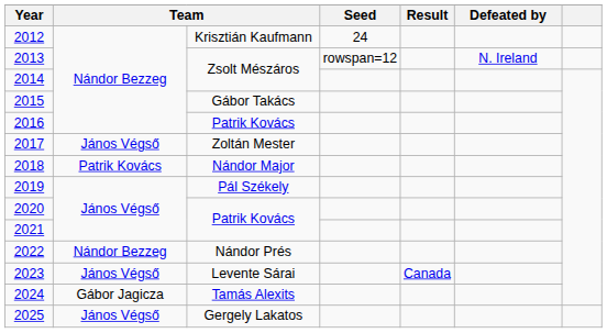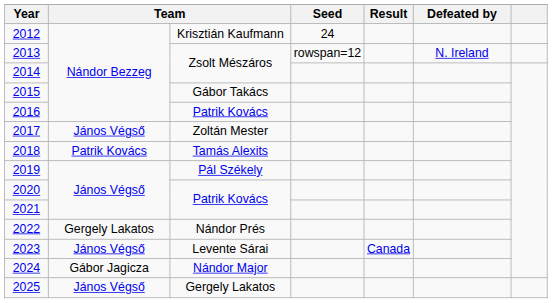 <table class="wikitable" style="text-align: center;">
 <tr style= "background: #e2e2e2;">
 </tr>
 <tr style="background: #efefef;">
 <th width=50px>Year</th>
 <th colspan="2">Team</th>
 <th width=50px>Seed</th>
 <th width=50px>Result</th>
 <th width=120px>Defeated by</th>
 <th width=40px></th>
 </tr>
 <tr>
 <td><a href='#'>2012</a></td>
 <td rowspan=5 width=150px><a href='#'>Nándor Bezzeg</a></td>
 <td width=150px>Krisztián Kaufmann</td>
 <td>24</td>
 <td></td>
 <td> </td>
 <td></td>
 </tr>
 <tr>
 <td><a href='#'>2013</a></td>
 <td rowspan=2>Zsolt Mészáros</td>
 <td>rowspan=12 </td>
 <td></td>
 <td> <a href='#'>N. Ireland</a><br> </td>
 <td></td>
 </tr>
 <tr>
 <td><a href='#'>2014</a></td>
 <td></td>
 <td> </td>
 <td></td>
 </tr>
 <tr>
 <td><a href='#'>2015</a></td>
 <td>Gábor Takács</td>
 <td></td>
 <td> </td>
 <td></td>
 </tr>
 <tr>
 <td><a href='#'>2016</a></td>
 <td><a href='#'>Patrik Kovács</a></td>
 <td></td>
 <td> </td>
 <td></td>
 </tr>
 <tr>
 <td><a href='#'>2017</a></td>
 <td><a href='#'>János Végső</a></td>
 <td>Zoltán Mester</td>
 <td></td>
 <td> </td>
 <td></td>
 </tr>
 <tr>
 <td><a href='#'>2018</a></td>
 <td><a href='#'>Patrik Kovács</a></td>
-<td><a href='#'>Nándor Major</a></td>
+<td><a href='#'>Tamás Alexits</a></td>
 <td></td>
 <td> </td>
 <td></td>
 </tr>
 <tr>
 <td><a href='#'>2019</a></td>
 <td rowspan=3><a href='#'>János Végső</a></td>
 <td><a href='#'>Pál Székely</a></td>
 <td></td>
 <td> </td>
 <td></td>
 </tr>
 <tr>
 <td><a href='#'>2020</a></td>
 <td rowspan=2><a href='#'>Patrik Kovács</a></td>
 <td></td>
 <td> </td>
 <td></td>
 </tr>
 <tr>
 <td><a href='#'>2021</a></td>
 <td></td>
 <td> </td>
 <td></td>
 </tr>
 <tr>
 <td><a href='#'>2022</a></td>
-<td><a href='#'>Nándor Bezzeg</a></td>
+<td>Gergely Lakatos</td>
 <td>Nándor Prés</td>
 <td></td>
 <td> </td>
 <td></td>
 </tr>
 <tr>
 <td><a href='#'>2023</a></td>
 <td><a href='#'>János Végső</a></td>
 <td>Levente Sárai</td>
 <td></td>
 <td> <a href='#'>Canada</a></td>
 <td></td>
 </tr>
 <tr>
 <td><a href='#'>2024</a></td>
 <td>Gábor Jagicza</td>
-<td><a href='#'>Tamás Alexits</a></td>
+<td><a href='#'>Nándor Major</a></td>
 <td></td>
 <td> <br> </td>
 <td></td>
 </tr>
 <tr>
 <td><a href='#'>2025</a></td>
 <td><a href='#'>János Végső</a></td>
 <td>Gergely Lakatos</td>
 <td></td>
 <td></td>
 <td></td>
 <td></td>
 </tr>
 </table>
